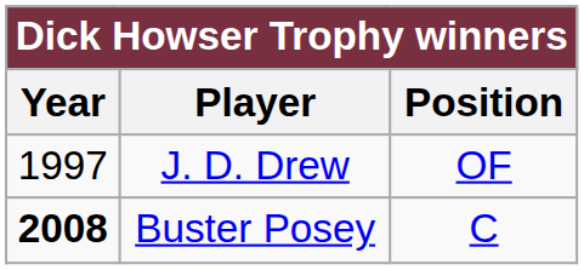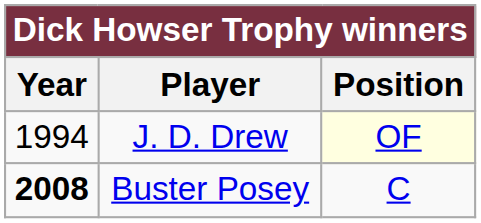 <table class="wikitable">
 <tr>
 <td colspan="5" style= "background:#782F40; color:white; text-align:center;"><strong>Dick Howser Trophy winners</strong></td>
 </tr>
 <tr>
 <th>Year</th>
 <th>Player</th>
 <th>Position</th>
 </tr>
 <tr style="text-align:center;">
-<td>1997</td>
+<td>1994</td>
 <td><a href='#'>J. D. Drew</a></td>
-<td><a href='#'>OF</a></td>
+<td style="background: lightyellow;"><a href='#'>OF</a></td>
 </tr>
 <tr style="text-align:center;">
 <td><strong>2008</strong></td>
 <td><a href='#'>Buster Posey</a></td>
 <td><a href='#'>C</a></td>
 </tr>
 </table>
